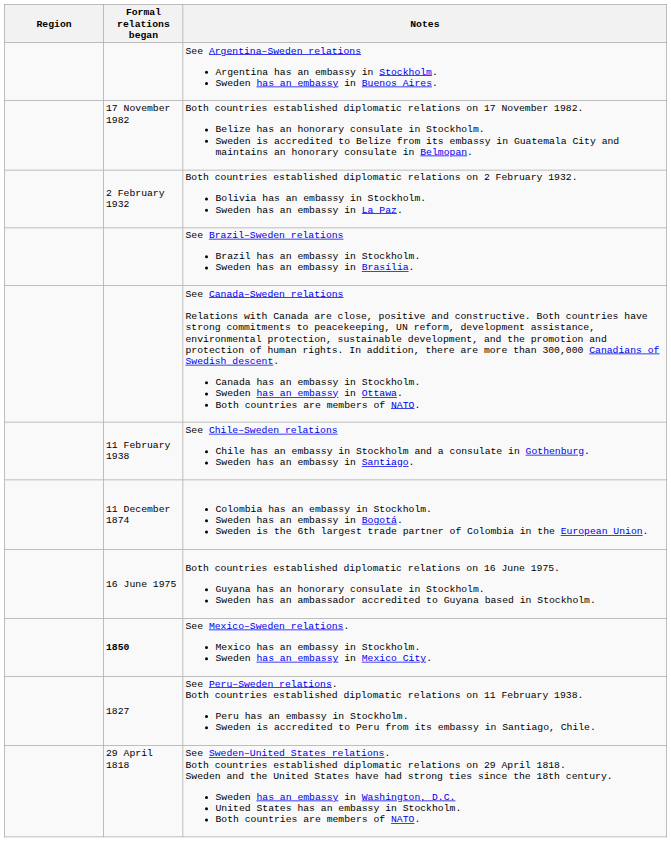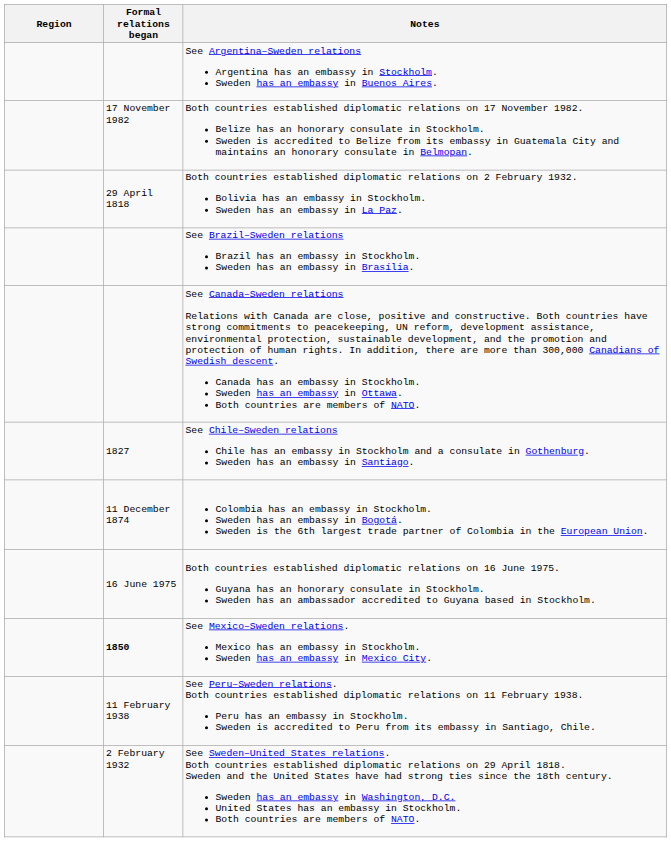 <table class="wikitable sortable" border="1" style="width:100%; margin:auto;">
 <tr>
 <th width="15%">Region</th>
 <th width="12%">Formal relations began</th>
 <th>Notes</th>
 </tr>
 <tr -valign="top">
 <td></td>
 <td></td>
 <td>See <a href='#'>Argentina–Sweden relations</a><br><ul><li>Argentina has an embassy in <a href='#'>Stockholm</a>.</li><li>Sweden <a href='#'>has an embassy</a> in <a href='#'>Buenos Aires</a>.</li></ul></td>
 </tr>
 <tr - valign="top">
 <td></td>
 <td>17 November 1982</td>
 <td>Both countries established diplomatic relations on 17 November 1982.<br><ul><li>Belize has an honorary consulate in Stockholm.</li><li>Sweden is accredited to Belize from its embassy in Guatemala City and maintains an honorary consulate in <a href='#'>Belmopan</a>.</li></ul></td>
 </tr>
 <tr -valign="top">
 <td></td>
-<td>2 February 1932</td>
+<td>29 April 1818</td>
 <td>Both countries established diplomatic relations on 2 February 1932.<br><ul><li>Bolivia has an embassy in Stockholm.</li><li>Sweden has an embassy in <a href='#'>La Paz</a>.</li></ul></td>
 </tr>
 <tr -valign="top">
 <td></td>
 <td></td>
 <td>See <a href='#'>Brazil–Sweden relations</a><br><ul><li>Brazil has an embassy in Stockholm.</li><li>Sweden has an embassy in <a href='#'>Brasília</a>.</li></ul></td>
 </tr>
 <tr -valign="top">
 <td></td>
 <td></td>
 <td>See <a href='#'>Canada–Sweden relations</a><br><br>Relations with Canada are close, positive and constructive. Both countries have strong commitments to peacekeeping, UN reform, development assistance, environmental protection, sustainable development, and the promotion and protection of human rights. In addition, there are more than 300,000 <a href='#'>Canadians of Swedish descent</a>.<ul><li>Canada has an embassy in Stockholm.</li><li>Sweden <a href='#'>has an embassy</a> in <a href='#'>Ottawa</a>.</li><li>Both countries are members of <a href='#'>NATO</a>.</li></ul></td>
 </tr>
 <tr -valign="top">
 <td></td>
-<td>11 February 1938</td>
+<td>1827</td>
 <td>See <a href='#'>Chile–Sweden relations</a><br><ul><li>Chile has an embassy in Stockholm and a consulate in <a href='#'>Gothenburg</a>.</li><li>Sweden has an embassy in <a href='#'>Santiago</a>.</li></ul></td>
 </tr>
 <tr -valign="top">
 <td></td>
 <td>11 December 1874</td>
 <td><br><ul><li>Colombia has an embassy in Stockholm.</li><li>Sweden has an embassy in <a href='#'>Bogotá</a>.</li><li>Sweden is the 6th largest trade partner of Colombia in the <a href='#'>European Union</a>.</li></ul></td>
 </tr>
 <tr -valign="top">
 <td></td>
 <td>16 June 1975</td>
 <td><br>Both countries established diplomatic relations on 16 June 1975.<ul><li>Guyana has an honorary consulate in Stockholm.</li><li>Sweden has an ambassador accredited to Guyana based in Stockholm.</li></ul></td>
 </tr>
 <tr -valign="top">
 <td></td>
 <td><strong>1850</strong></td>
 <td>See <a href='#'>Mexico–Sweden relations</a>.<br><ul><li>Mexico has an embassy in Stockholm.</li><li>Sweden <a href='#'>has an embassy</a> in <a href='#'>Mexico City</a>.</li></ul></td>
 </tr>
 <tr -valign="top">
 <td></td>
-<td>1827</td>
+<td>11 February 1938</td>
 <td>See <a href='#'>Peru–Sweden relations</a>.<br>Both countries established diplomatic relations on 11 February 1938.<ul><li>Peru has an embassy in Stockholm.</li><li>Sweden is accredited to Peru from its embassy in Santiago, Chile.</li></ul></td>
 </tr>
 <tr - valign="top">
 <td></td>
-<td>29 April 1818</td>
+<td>2 February 1932</td>
 <td>See <a href='#'>Sweden–United States relations</a>.<br>Both countries established diplomatic relations on 29 April 1818. <br>Sweden and the United States have had strong ties since the 18th century.<ul><li>Sweden <a href='#'>has an embassy</a> in <a href='#'>Washington, D.C.</a></li><li>United States has an embassy in Stockholm.</li><li>Both countries are members of <a href='#'>NATO</a>.</li></ul></td>
 </tr>
 </table>
